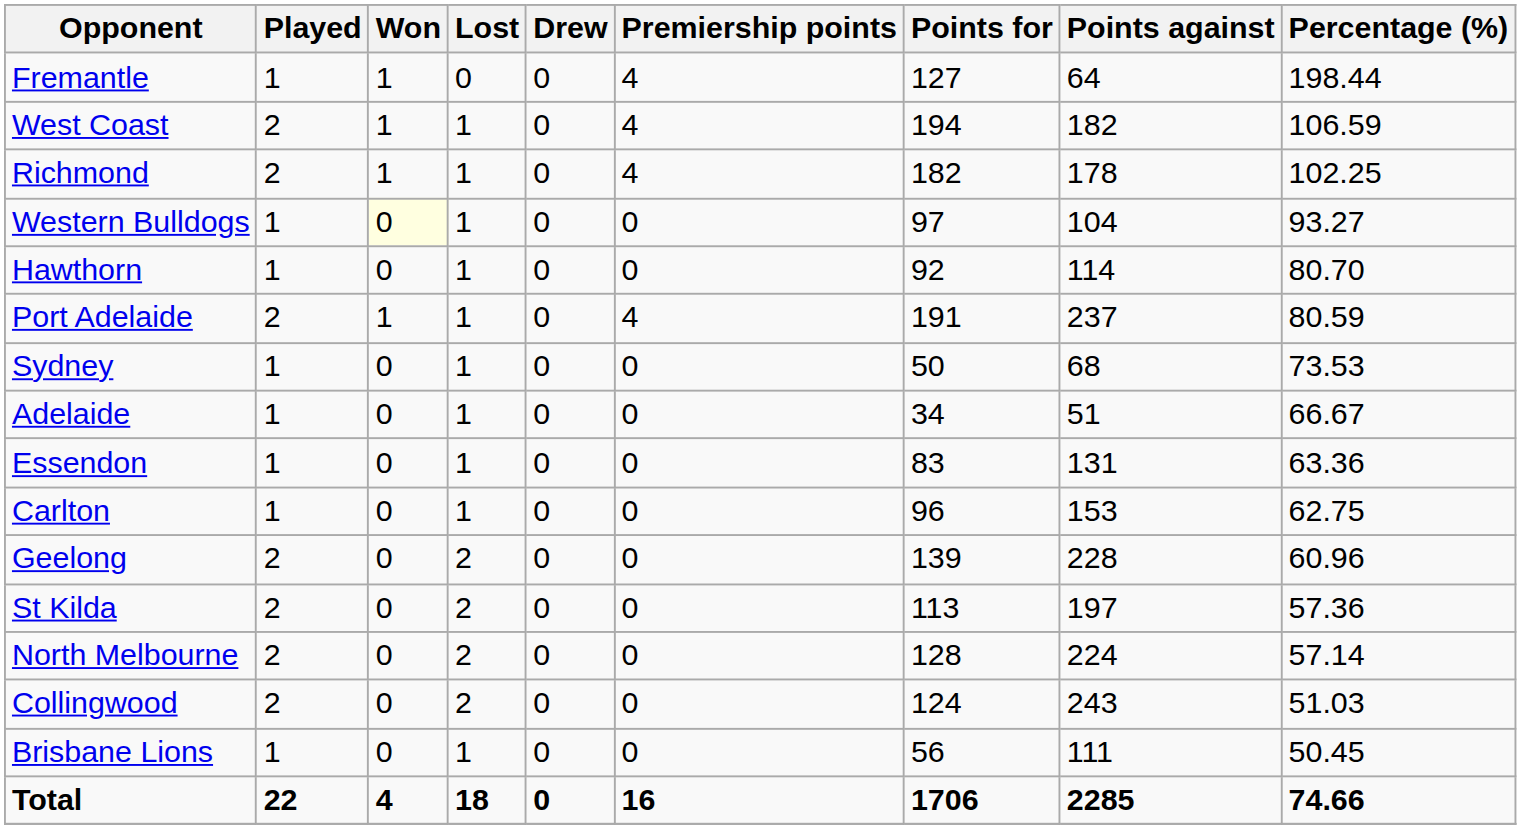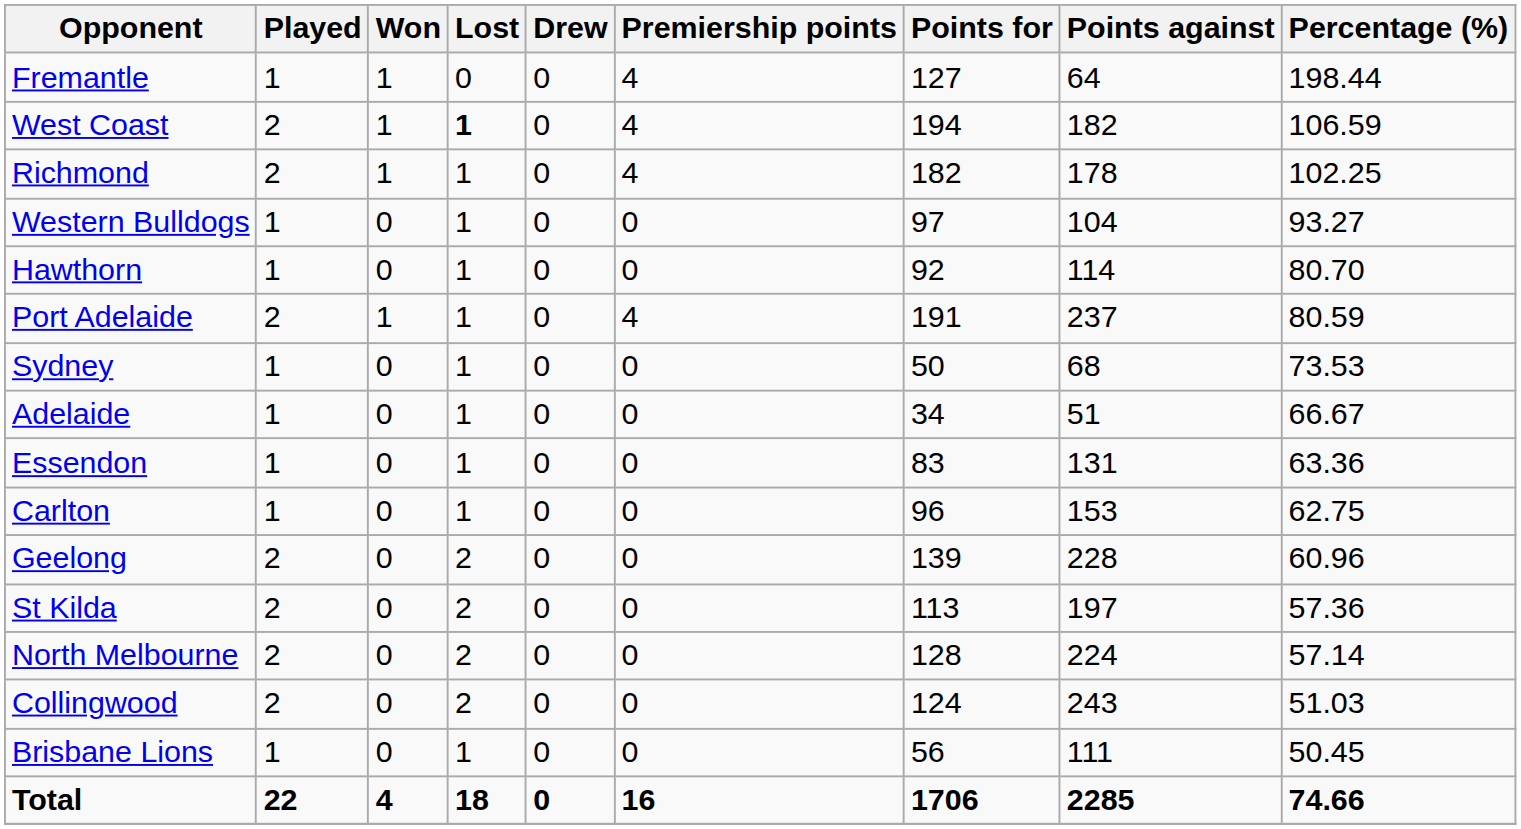 <table class="wikitable">
 <tr>
 <th>Opponent</th>
 <th>Played</th>
 <th>Won</th>
 <th>Lost</th>
 <th>Drew</th>
 <th>Premiership points</th>
 <th>Points for</th>
 <th>Points against</th>
 <th>Percentage (%)</th>
 </tr>
 <tr>
 <td><a href='#'>Fremantle</a></td>
 <td>1</td>
 <td>1</td>
 <td>0</td>
 <td>0</td>
 <td>4</td>
 <td>127</td>
 <td>64</td>
 <td>198.44</td>
 </tr>
 <tr>
 <td><a href='#'>West Coast</a></td>
 <td>2</td>
 <td>1</td>
-<td>1</td>
+<td><strong>1</strong></td>
 <td>0</td>
 <td>4</td>
 <td>194</td>
 <td>182</td>
 <td>106.59</td>
 </tr>
 <tr>
 <td><a href='#'>Richmond</a></td>
 <td>2</td>
 <td>1</td>
 <td>1</td>
 <td>0</td>
 <td>4</td>
 <td>182</td>
 <td>178</td>
 <td>102.25</td>
 </tr>
 <tr>
 <td><a href='#'>Western Bulldogs</a></td>
 <td>1</td>
-<td style="background: lightyellow;">0</td>
+<td>0</td>
 <td>1</td>
 <td>0</td>
 <td>0</td>
 <td>97</td>
 <td>104</td>
 <td>93.27</td>
 </tr>
 <tr>
 <td><a href='#'>Hawthorn</a></td>
 <td>1</td>
 <td>0</td>
 <td>1</td>
 <td>0</td>
 <td>0</td>
 <td>92</td>
 <td>114</td>
 <td>80.70</td>
 </tr>
 <tr>
 <td><a href='#'>Port Adelaide</a></td>
 <td>2</td>
 <td>1</td>
 <td>1</td>
 <td>0</td>
 <td>4</td>
 <td>191</td>
 <td>237</td>
 <td>80.59</td>
 </tr>
 <tr>
 <td><a href='#'>Sydney</a></td>
 <td>1</td>
 <td>0</td>
 <td>1</td>
 <td>0</td>
 <td>0</td>
 <td>50</td>
 <td>68</td>
 <td>73.53</td>
 </tr>
 <tr>
 <td><a href='#'>Adelaide</a></td>
 <td>1</td>
 <td>0</td>
 <td>1</td>
 <td>0</td>
 <td>0</td>
 <td>34</td>
 <td>51</td>
 <td>66.67</td>
 </tr>
 <tr>
 <td><a href='#'>Essendon</a></td>
 <td>1</td>
 <td>0</td>
 <td>1</td>
 <td>0</td>
 <td>0</td>
 <td>83</td>
 <td>131</td>
 <td>63.36</td>
 </tr>
 <tr>
 <td><a href='#'>Carlton</a></td>
 <td>1</td>
 <td>0</td>
 <td>1</td>
 <td>0</td>
 <td>0</td>
 <td>96</td>
 <td>153</td>
 <td>62.75</td>
 </tr>
 <tr>
 <td><a href='#'>Geelong</a></td>
 <td>2</td>
 <td>0</td>
 <td>2</td>
 <td>0</td>
 <td>0</td>
 <td>139</td>
 <td>228</td>
 <td>60.96</td>
 </tr>
 <tr>
 <td><a href='#'>St Kilda</a></td>
 <td>2</td>
 <td>0</td>
 <td>2</td>
 <td>0</td>
 <td>0</td>
 <td>113</td>
 <td>197</td>
 <td>57.36</td>
 </tr>
 <tr>
 <td><a href='#'>North Melbourne</a></td>
 <td>2</td>
 <td>0</td>
 <td>2</td>
 <td>0</td>
 <td>0</td>
 <td>128</td>
 <td>224</td>
 <td>57.14</td>
 </tr>
 <tr>
 <td><a href='#'>Collingwood</a></td>
 <td>2</td>
 <td>0</td>
 <td>2</td>
 <td>0</td>
 <td>0</td>
 <td>124</td>
 <td>243</td>
 <td>51.03</td>
 </tr>
 <tr>
 <td><a href='#'>Brisbane Lions</a></td>
 <td>1</td>
 <td>0</td>
 <td>1</td>
 <td>0</td>
 <td>0</td>
 <td>56</td>
 <td>111</td>
 <td>50.45</td>
 </tr>
 <tr>
 <td><strong>Total</strong></td>
 <td><strong>22</strong></td>
 <td><strong>4</strong></td>
 <td><strong>18</strong></td>
 <td><strong>0</strong></td>
 <td><strong>16</strong></td>
 <td><strong>1706</strong></td>
 <td><strong>2285</strong></td>
 <td><strong>74.66</strong></td>
 </tr>
 <tr>
 </tr>
 </table>
